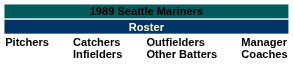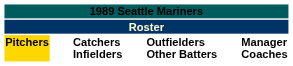 <table class="toccolours" style="font-size: 95%;">
 <tr>
 <th colspan="10" style="background-color: #005c5c; color=#9ECEEE; text-align: center;">1989 Seattle Mariners</th>
 </tr>
 <tr>
 <td colspan="10" style="background-color: #003366; color: #FFFDD0; text-align: center;"><strong>Roster</strong></td>
 </tr>
 <tr>
-<td valign="top"><strong>Pitchers</strong><br>                  </td>
+<td valign="top" style="background: gold;"><strong>Pitchers</strong><br>                  </td>
 <td width="25px"></td>
 <td valign="top"><strong>Catchers</strong><br>   <strong>Infielders</strong>        </td>
 <td width="25px"></td>
 <td valign="top"><strong>Outfielders</strong><br>        <strong>Other Batters</strong>  </td>
 <td width="25px"></td>
 <td valign="top"><strong>Manager</strong><br> <strong>Coaches</strong>     </td>
 </tr>
 </table>
